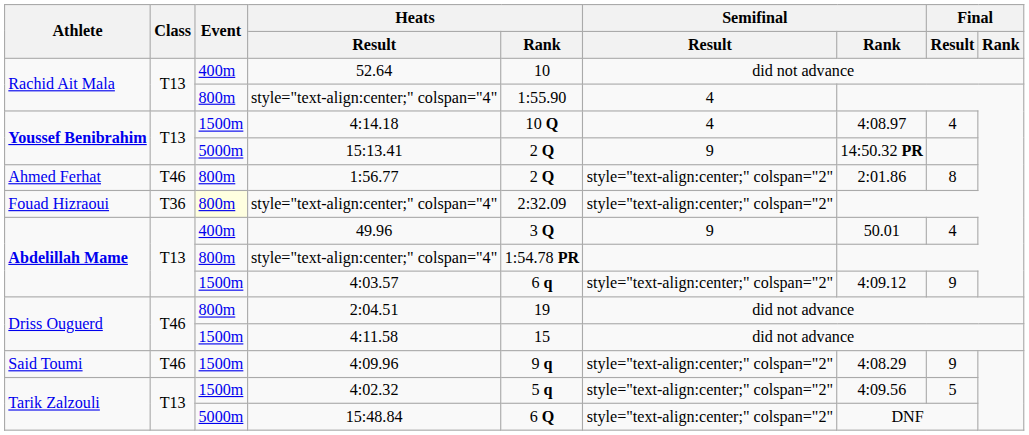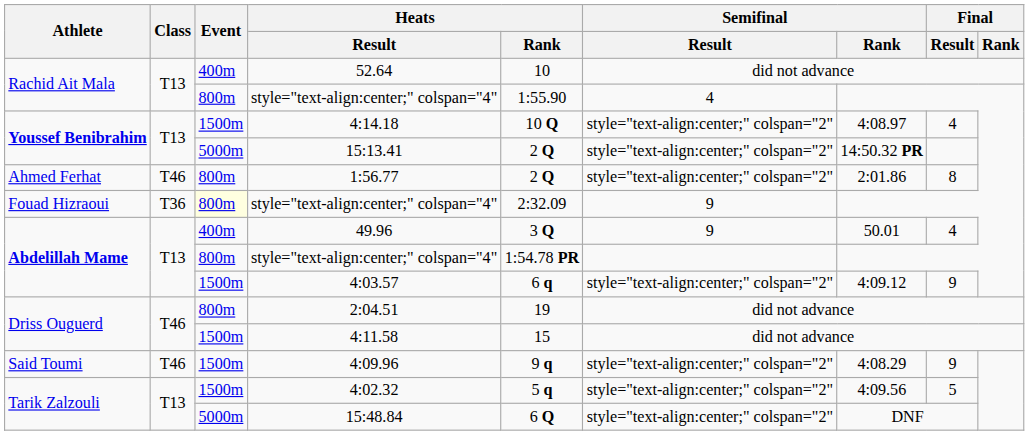 <table class=wikitable style="font-size:90%">
 <tr>
 <th rowspan="2">Athlete</th>
 <th rowspan="2">Class</th>
 <th rowspan="2">Event</th>
 <th colspan="2">Heats</th>
 <th colspan="2">Semifinal</th>
 <th colspan="2">Final</th>
 </tr>
 <tr>
 <th>Result</th>
 <th>Rank</th>
 <th>Result</th>
 <th>Rank</th>
 <th>Result</th>
 <th>Rank</th>
 </tr>
 <tr>
 <td rowspan="2"><a href='#'>Rachid Ait Mala</a></td>
 <td rowspan="2" style="text-align:center;">T13</td>
 <td><a href='#'>400m</a></td>
 <td style="text-align:center;">52.64</td>
 <td style="text-align:center;">10</td>
 <td style="text-align:center;" colspan="4">did not advance</td>
 </tr>
 <tr>
 <td><a href='#'>800m</a></td>
 <td>style="text-align:center;" colspan="4" </td>
 <td style="text-align:center;">1:55.90</td>
 <td style="text-align:center;">4</td>
 </tr>
 <tr>
 <td rowspan="2"><strong><a href='#'>Youssef Benibrahim</a></strong></td>
 <td rowspan="2" style="text-align:center;">T13</td>
 <td><a href='#'>1500m</a></td>
 <td style="text-align:center;">4:14.18</td>
 <td style="text-align:center;">10 <strong>Q</strong></td>
-<td style="text-align:center;">4</td>
+<td>style="text-align:center;" colspan="2" </td>
 <td style="text-align:center;">4:08.97</td>
 <td style="text-align:center;">4</td>
 </tr>
 <tr>
 <td><a href='#'>5000m</a></td>
 <td style="text-align:center;">15:13.41</td>
 <td style="text-align:center;">2 <strong>Q</strong></td>
-<td style="text-align:center;">9</td>
+<td>style="text-align:center;" colspan="2" </td>
 <td style="text-align:center;">14:50.32 <strong>PR</strong></td>
 <td style="text-align:center;"></td>
 </tr>
 <tr>
 <td><a href='#'>Ahmed Ferhat</a></td>
 <td style="text-align:center;">T46</td>
 <td><a href='#'>800m</a></td>
 <td style="text-align:center;">1:56.77</td>
 <td style="text-align:center;">2 <strong>Q</strong></td>
 <td>style="text-align:center;" colspan="2" </td>
 <td style="text-align:center;">2:01.86</td>
 <td style="text-align:center;">8</td>
 </tr>
 <tr>
 <td><a href='#'>Fouad Hizraoui</a></td>
 <td style="text-align:center;">T36</td>
 <td style="background: lightyellow;"><a href='#'>800m</a></td>
 <td>style="text-align:center;" colspan="4" </td>
 <td style="text-align:center;">2:32.09</td>
-<td>style="text-align:center;" colspan="2" </td>
+<td style="text-align:center;">9</td>
 </tr>
 <tr>
 <td rowspan="3"><strong><a href='#'>Abdelillah Mame</a></strong></td>
 <td rowspan="3" style="text-align:center;">T13</td>
 <td><a href='#'>400m</a></td>
 <td style="text-align:center;">49.96</td>
 <td style="text-align:center;">3 <strong>Q</strong></td>
 <td style="text-align:center;">9</td>
 <td style="text-align:center;">50.01</td>
 <td style="text-align:center;">4</td>
 </tr>
 <tr>
 <td><a href='#'>800m</a></td>
 <td>style="text-align:center;" colspan="4" </td>
 <td style="text-align:center;">1:54.78 <strong>PR</strong></td>
 <td style="text-align:center;"></td>
 </tr>
 <tr>
 <td><a href='#'>1500m</a></td>
 <td style="text-align:center;">4:03.57</td>
 <td style="text-align:center;">6 <strong>q</strong></td>
 <td>style="text-align:center;" colspan="2" </td>
 <td style="text-align:center;">4:09.12</td>
 <td style="text-align:center;">9</td>
 </tr>
 <tr>
 <td rowspan="2"><a href='#'>Driss Ouguerd</a></td>
 <td rowspan="2" style="text-align:center;">T46</td>
 <td><a href='#'>800m</a></td>
 <td style="text-align:center;">2:04.51</td>
 <td style="text-align:center;">19</td>
 <td style="text-align:center;" colspan="4">did not advance</td>
 </tr>
 <tr>
 <td><a href='#'>1500m</a></td>
 <td style="text-align:center;">4:11.58</td>
 <td style="text-align:center;">15</td>
 <td style="text-align:center;" colspan="4">did not advance</td>
 </tr>
 <tr>
 <td><a href='#'>Said Toumi</a></td>
 <td style="text-align:center;">T46</td>
 <td><a href='#'>1500m</a></td>
 <td style="text-align:center;">4:09.96</td>
 <td style="text-align:center;">9 <strong>q</strong></td>
 <td>style="text-align:center;" colspan="2" </td>
 <td style="text-align:center;">4:08.29</td>
 <td style="text-align:center;">9</td>
 </tr>
 <tr>
 <td rowspan="2"><a href='#'>Tarik Zalzouli</a></td>
 <td rowspan="2" style="text-align:center;">T13</td>
 <td><a href='#'>1500m</a></td>
 <td style="text-align:center;">4:02.32</td>
 <td style="text-align:center;">5 <strong>q</strong></td>
 <td>style="text-align:center;" colspan="2" </td>
 <td style="text-align:center;">4:09.56</td>
 <td style="text-align:center;">5</td>
 </tr>
 <tr>
 <td><a href='#'>5000m</a></td>
 <td style="text-align:center;">15:48.84</td>
 <td style="text-align:center;">6 <strong>Q</strong></td>
 <td>style="text-align:center;" colspan="2" </td>
 <td style="text-align:center;" colspan="2">DNF</td>
 </tr>
 </table>
